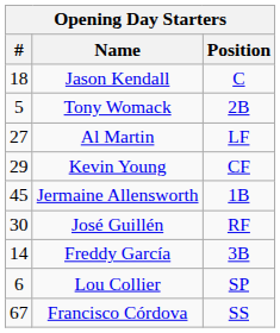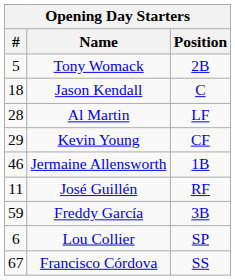 <table class="wikitable" style="text-align:center">
 <tr>
 <th colspan="3">Opening Day Starters</th>
 </tr>
 <tr>
 <th>#</th>
 <th>Name</th>
 <th>Position</th>
 </tr>
 <tr>
+<td>5</td>
+<td><a href='#'>Tony Womack</a></td>
+<td><a href='#'>2B</a></td>
+</tr>
+<tr>
 <td>18</td>
 <td><a href='#'>Jason Kendall</a></td>
 <td><a href='#'>C</a></td>
 </tr>
 <tr>
-<td>5</td>
-<td><a href='#'>Tony Womack</a></td>
-<td><a href='#'>2B</a></td>
-</tr>
-<tr>
-<td>27</td>
+<td>28</td>
 <td><a href='#'>Al Martin</a></td>
 <td><a href='#'>LF</a></td>
 </tr>
 <tr>
 <td>29</td>
 <td><a href='#'>Kevin Young</a></td>
 <td><a href='#'>CF</a></td>
 </tr>
 <tr>
-<td>45</td>
+<td>46</td>
 <td><a href='#'>Jermaine Allensworth</a></td>
 <td><a href='#'>1B</a></td>
 </tr>
 <tr>
-<td>30</td>
+<td>11</td>
 <td><a href='#'>José Guillén</a></td>
 <td><a href='#'>RF</a></td>
 </tr>
 <tr>
-<td>14</td>
+<td>59</td>
 <td><a href='#'>Freddy García</a></td>
 <td><a href='#'>3B</a></td>
 </tr>
 <tr>
 <td>6</td>
 <td><a href='#'>Lou Collier</a></td>
 <td><a href='#'>SP</a></td>
 </tr>
 <tr>
 <td>67</td>
 <td><a href='#'>Francisco Córdova</a></td>
 <td><a href='#'>SS</a></td>
 </tr>
 </table>
